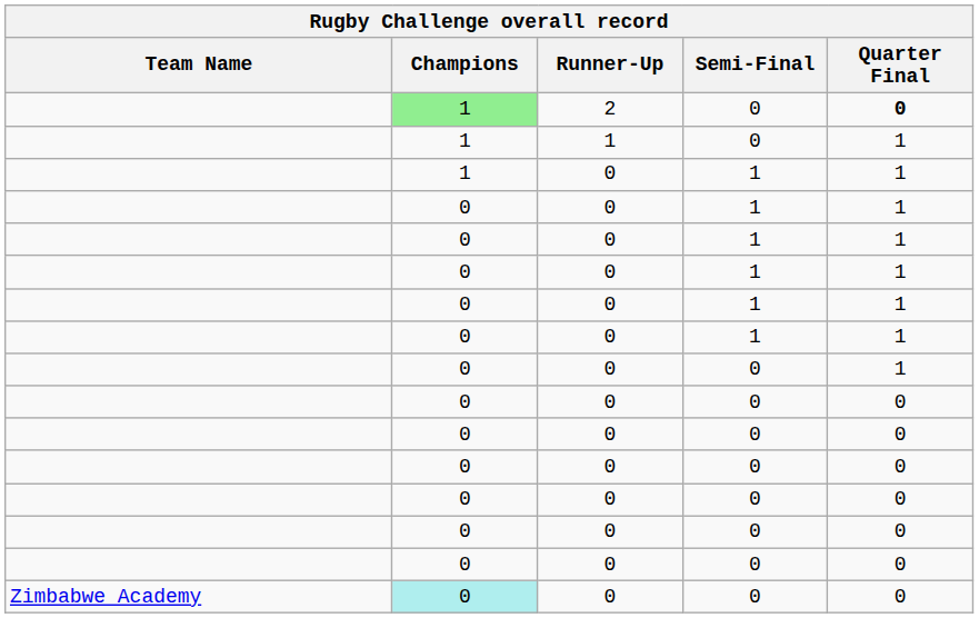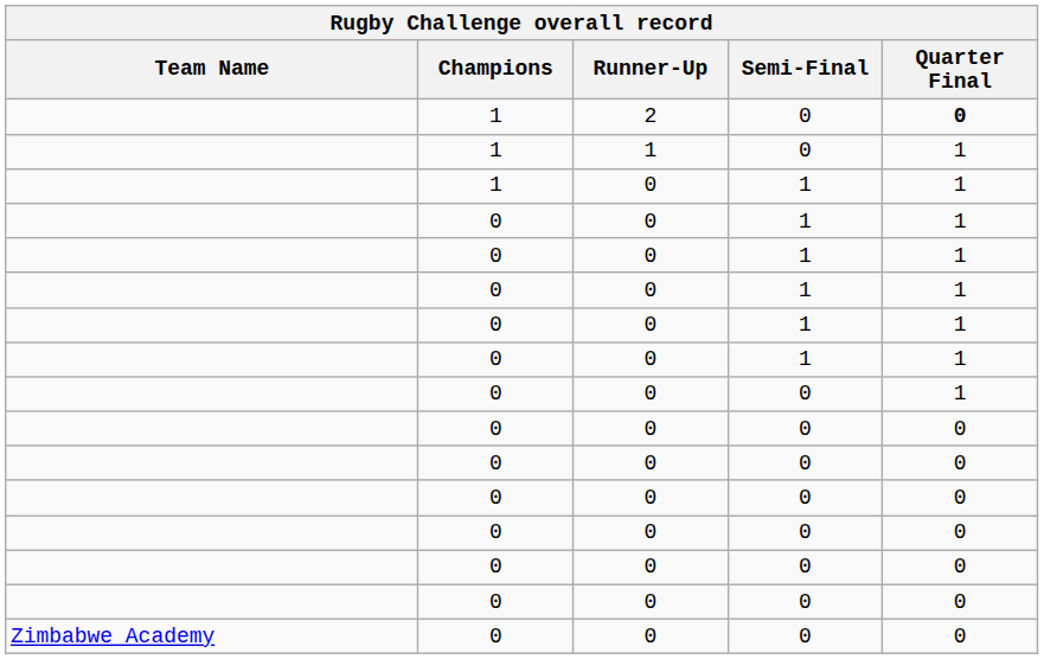 <table class="wikitable sortable" style="text-align:center; width:50%;">
 <tr>
 <th colspan=6>Rugby Challenge overall record</th>
 </tr>
 <tr>
 <th style="width:40%;">Team Name</th>
 <th style="width:15%;">Champions</th>
 <th style="width:15%;">Runner-Up</th>
 <th style="width:15%;">Semi-Final</th>
 <th style="width:15%;">Quarter Final</th>
 </tr>
 <tr>
 <td style="text-align:left"></td>
-<td style="background: lightgreen;">1</td>
+<td>1</td>
 <td>2</td>
 <td>0</td>
 <td><strong>0</strong></td>
 </tr>
 <tr>
 <td style="text-align:left"></td>
 <td>1</td>
 <td>1</td>
 <td>0</td>
 <td>1</td>
 </tr>
 <tr>
 <td style="text-align:left"></td>
 <td>1</td>
 <td>0</td>
 <td>1</td>
 <td>1</td>
 </tr>
 <tr>
 <td style="text-align:left"></td>
 <td>0</td>
 <td>0</td>
 <td>1</td>
 <td>1</td>
 </tr>
 <tr>
 <td style="text-align:left"></td>
 <td>0</td>
 <td>0</td>
 <td>1</td>
 <td>1</td>
 </tr>
 <tr>
 <td style="text-align:left"></td>
 <td>0</td>
 <td>0</td>
 <td>1</td>
 <td>1</td>
 </tr>
 <tr>
 <td style="text-align:left"></td>
 <td>0</td>
 <td>0</td>
 <td>1</td>
 <td>1</td>
 </tr>
 <tr>
 <td style="text-align:left"></td>
 <td>0</td>
 <td>0</td>
 <td>1</td>
 <td>1</td>
 </tr>
 <tr>
 <td style="text-align:left"></td>
 <td>0</td>
 <td>0</td>
 <td>0</td>
 <td>1</td>
 </tr>
 <tr>
 <td style="text-align:left"></td>
 <td>0</td>
 <td>0</td>
 <td>0</td>
 <td>0</td>
 </tr>
 <tr>
 <td style="text-align:left"></td>
 <td>0</td>
 <td>0</td>
 <td>0</td>
 <td>0</td>
 </tr>
 <tr>
 <td style="text-align:left"></td>
 <td>0</td>
 <td>0</td>
 <td>0</td>
 <td>0</td>
 </tr>
 <tr>
 <td style="text-align:left"></td>
 <td>0</td>
 <td>0</td>
 <td>0</td>
 <td>0</td>
 </tr>
 <tr>
 <td style="text-align:left"></td>
 <td>0</td>
 <td>0</td>
 <td>0</td>
 <td>0</td>
 </tr>
 <tr>
 <td style="text-align:left"></td>
 <td>0</td>
 <td>0</td>
 <td>0</td>
 <td>0</td>
 </tr>
 <tr>
 <td style="text-align:left"><a href='#'>Zimbabwe Academy</a></td>
-<td style="background: paleturquoise;">0</td>
+<td>0</td>
 <td>0</td>
 <td>0</td>
 <td>0</td>
 </tr>
 </table>
